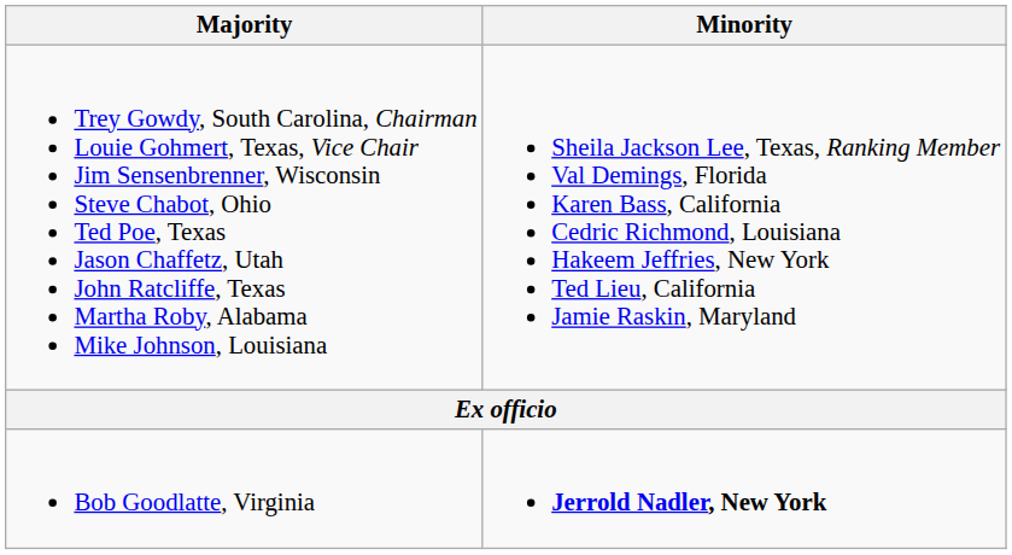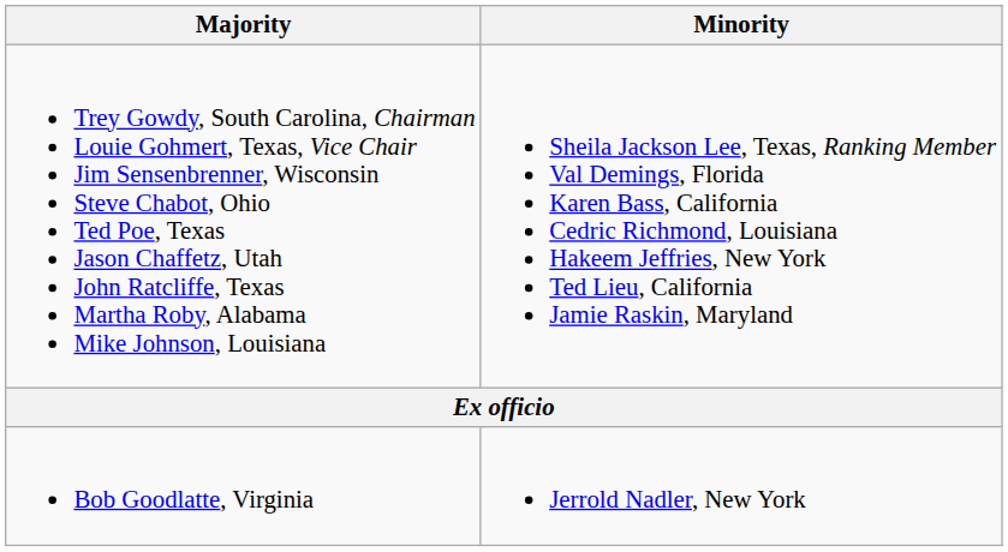 <table class=wikitable>
 <tr>
 <th>Majority</th>
 <th>Minority</th>
 </tr>
 <tr>
 <td><br><ul><li><a href='#'>Trey Gowdy</a>, South Carolina, <em>Chairman</em></li><li><a href='#'>Louie Gohmert</a>, Texas, <em>Vice Chair</em></li><li><a href='#'>Jim Sensenbrenner</a>, Wisconsin</li><li><a href='#'>Steve Chabot</a>, Ohio</li><li><a href='#'>Ted Poe</a>, Texas</li><li><a href='#'>Jason Chaffetz</a>, Utah</li><li><a href='#'>John Ratcliffe</a>, Texas</li><li><a href='#'>Martha Roby</a>, Alabama</li><li><a href='#'>Mike Johnson</a>, Louisiana</li></ul></td>
 <td><br><ul><li><a href='#'>Sheila Jackson Lee</a>, Texas, <em>Ranking Member</em></li><li><a href='#'>Val Demings</a>, Florida</li><li><a href='#'>Karen Bass</a>, California</li><li><a href='#'>Cedric Richmond</a>, Louisiana</li><li><a href='#'>Hakeem Jeffries</a>, New York</li><li><a href='#'>Ted Lieu</a>, California</li><li><a href='#'>Jamie Raskin</a>, Maryland</li></ul></td>
 </tr>
 <tr>
 <th colspan=2><em>Ex officio</em></th>
 </tr>
 <tr>
 <td><br><ul><li><a href='#'>Bob Goodlatte</a>, Virginia</li></ul></td>
-<td><strong><br><ul><li><a href='#'>Jerrold Nadler</a>, New York</li></ul></strong></td>
+<td><br><ul><li><a href='#'>Jerrold Nadler</a>, New York</li></ul></td>
 </tr>
 </table>
